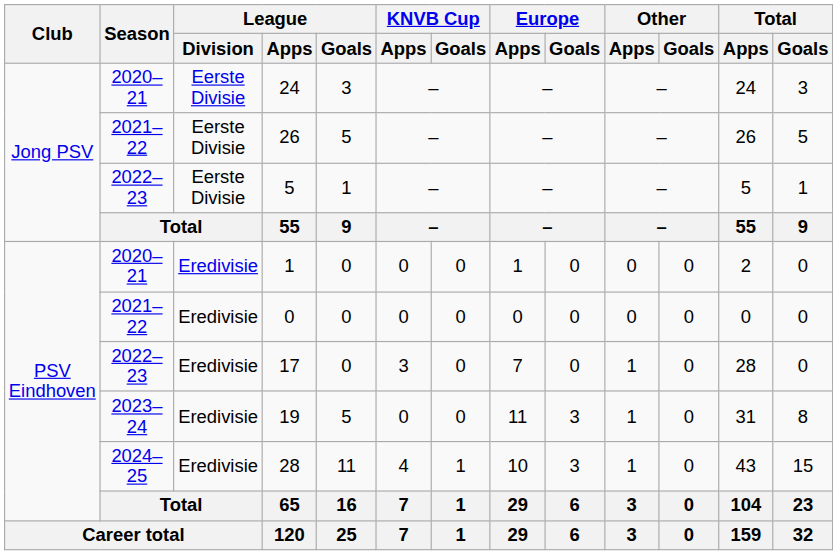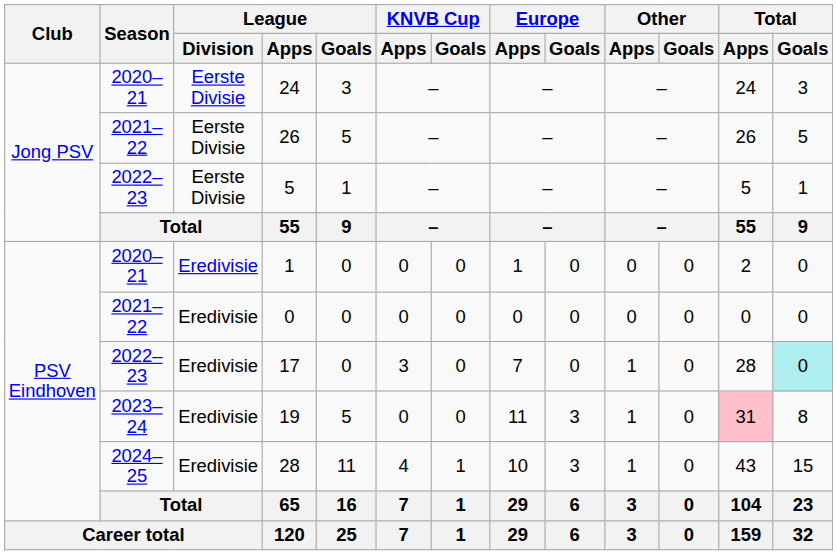 <table class="wikitable" style="text-align:center">
 <tr>
 <th rowspan="2">Club</th>
 <th rowspan="2">Season</th>
 <th colspan="3">League</th>
 <th colspan="2"><a href='#'>KNVB Cup</a></th>
 <th colspan="2"><a href='#'>Europe</a></th>
 <th colspan="2">Other</th>
 <th colspan="2">Total</th>
 </tr>
 <tr>
 <th>Division</th>
 <th>Apps</th>
 <th>Goals</th>
 <th>Apps</th>
 <th>Goals</th>
 <th>Apps</th>
 <th>Goals</th>
 <th>Apps</th>
 <th>Goals</th>
 <th>Apps</th>
 <th>Goals</th>
 </tr>
 <tr>
 <td rowspan="4"><a href='#'>Jong PSV</a></td>
 <td><a href='#'>2020–21</a></td>
 <td><a href='#'>Eerste Divisie</a></td>
 <td>24</td>
 <td>3</td>
 <td colspan="2">–</td>
 <td colspan="2">–</td>
 <td colspan="2">–</td>
 <td>24</td>
 <td>3</td>
 </tr>
 <tr>
 <td><a href='#'>2021–22</a></td>
 <td>Eerste Divisie</td>
 <td>26</td>
 <td>5</td>
 <td colspan="2">–</td>
 <td colspan="2">–</td>
 <td colspan="2">–</td>
 <td>26</td>
 <td>5</td>
 </tr>
 <tr>
 <td><a href='#'>2022–23</a></td>
 <td>Eerste Divisie</td>
 <td>5</td>
 <td>1</td>
 <td colspan="2">–</td>
 <td colspan="2">–</td>
 <td colspan="2">–</td>
 <td>5</td>
 <td>1</td>
 </tr>
 <tr>
 <th colspan="2">Total</th>
 <th>55</th>
 <th>9</th>
 <th colspan="2">–</th>
 <th colspan="2">–</th>
 <th colspan="2">–</th>
 <th>55</th>
 <th>9</th>
 </tr>
 <tr>
 <td rowspan="6"><a href='#'>PSV Eindhoven</a></td>
 <td><a href='#'>2020–21</a></td>
 <td><a href='#'>Eredivisie</a></td>
 <td>1</td>
 <td>0</td>
 <td>0</td>
 <td>0</td>
 <td>1</td>
 <td>0</td>
 <td>0</td>
 <td>0</td>
 <td>2</td>
 <td>0</td>
 </tr>
 <tr>
 <td><a href='#'>2021–22</a></td>
 <td>Eredivisie</td>
 <td>0</td>
 <td>0</td>
 <td>0</td>
 <td>0</td>
 <td>0</td>
 <td>0</td>
 <td>0</td>
 <td>0</td>
 <td>0</td>
 <td>0</td>
 </tr>
 <tr>
 <td><a href='#'>2022–23</a></td>
 <td>Eredivisie</td>
 <td>17</td>
 <td>0</td>
 <td>3</td>
 <td>0</td>
 <td>7</td>
 <td>0</td>
 <td>1</td>
 <td>0</td>
 <td>28</td>
-<td>0</td>
+<td style="background: paleturquoise;">0</td>
 </tr>
 <tr>
 <td><a href='#'>2023–24</a></td>
 <td>Eredivisie</td>
 <td>19</td>
 <td>5</td>
 <td>0</td>
 <td>0</td>
 <td>11</td>
 <td>3</td>
 <td>1</td>
 <td>0</td>
-<td>31</td>
+<td style="background: pink;">31</td>
 <td>8</td>
 </tr>
 <tr>
 <td><a href='#'>2024–25</a></td>
 <td>Eredivisie</td>
 <td>28</td>
 <td>11</td>
 <td>4</td>
 <td>1</td>
 <td>10</td>
 <td>3</td>
 <td>1</td>
 <td>0</td>
 <td>43</td>
 <td>15</td>
 </tr>
 <tr>
 <th colspan="2">Total</th>
 <th>65</th>
 <th>16</th>
 <th>7</th>
 <th>1</th>
 <th>29</th>
 <th>6</th>
 <th>3</th>
 <th>0</th>
 <th>104</th>
 <th>23</th>
 </tr>
 <tr>
 <th colspan="3">Career total</th>
 <th>120</th>
 <th>25</th>
 <th>7</th>
 <th>1</th>
 <th>29</th>
 <th>6</th>
 <th>3</th>
 <th>0</th>
 <th>159</th>
 <th>32</th>
 </tr>
 </table>
